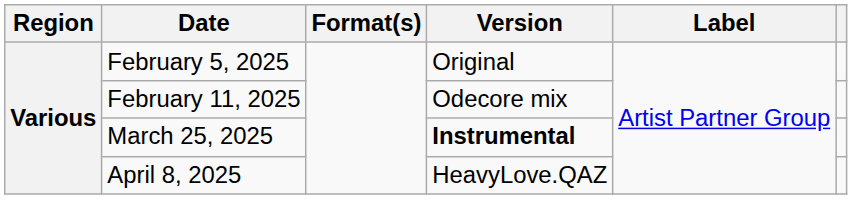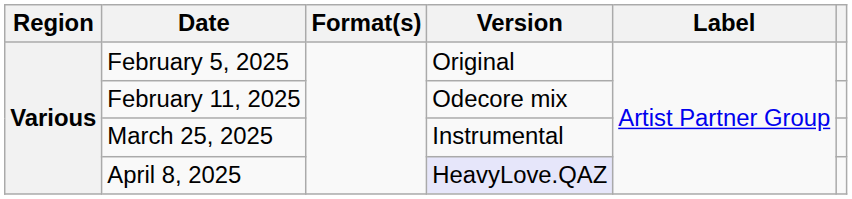 <table class="wikitable plainrowheaders">
 <tr>
 <th scope="col">Region</th>
 <th scope="col">Date</th>
 <th scope="col">Format(s)</th>
 <th scope="col">Version</th>
 <th scope="col">Label</th>
 <th scope="col"></th>
 </tr>
 <tr>
 <th scope="row" rowspan="4">Various</th>
 <td>February 5, 2025</td>
 <td rowspan="4"></td>
 <td>Original</td>
 <td rowspan="4"><a href='#'>Artist Partner Group</a></td>
 <td></td>
 </tr>
 <tr>
 <td>February 11, 2025</td>
 <td>Odecore mix</td>
 <td></td>
 </tr>
 <tr>
 <td>March 25, 2025</td>
-<td><strong>Instrumental</strong></td>
+<td>Instrumental</td>
 <td></td>
 </tr>
 <tr>
 <td>April 8, 2025</td>
-<td>HeavyLove.QAZ</td>
+<td style="background: lavender;">HeavyLove.QAZ</td>
 <td></td>
 </tr>
 </table>
